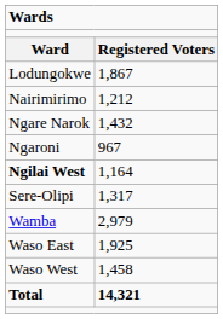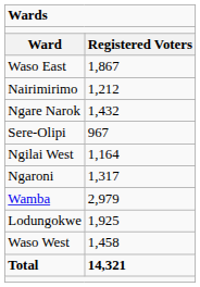 <table class="wikitable">
 <tr>
 <td colspan="2"><strong>Wards</strong></td>
 </tr>
 <tr>
 <td colspan="2"></td>
 </tr>
 <tr>
 <th>Ward</th>
 <th>Registered Voters</th>
 </tr>
 <tr>
-<td>Lodungokwe</td>
+<td>Waso East</td>
 <td>1,867</td>
 </tr>
 <tr>
 <td>Nairimirimo</td>
 <td>1,212</td>
 </tr>
 <tr>
 <td>Ngare Narok</td>
 <td>1,432</td>
 </tr>
 <tr>
-<td>Ngaroni</td>
+<td>Sere-Olipi</td>
 <td>967</td>
 </tr>
 <tr>
-<td><strong>Ngilai West</strong></td>
+<td>Ngilai West</td>
 <td>1,164</td>
 </tr>
 <tr>
-<td>Sere-Olipi</td>
+<td>Ngaroni</td>
 <td>1,317</td>
 </tr>
 <tr>
 <td><a href='#'>Wamba</a></td>
 <td>2,979</td>
 </tr>
 <tr>
-<td>Waso East</td>
+<td>Lodungokwe</td>
 <td>1,925</td>
 </tr>
 <tr>
 <td>Waso West</td>
 <td>1,458</td>
 </tr>
 <tr>
 <td><strong>Total</strong></td>
 <td><strong>14,321</strong></td>
 </tr>
 <tr>
 <td colspan="2"></td>
 </tr>
 </table>
